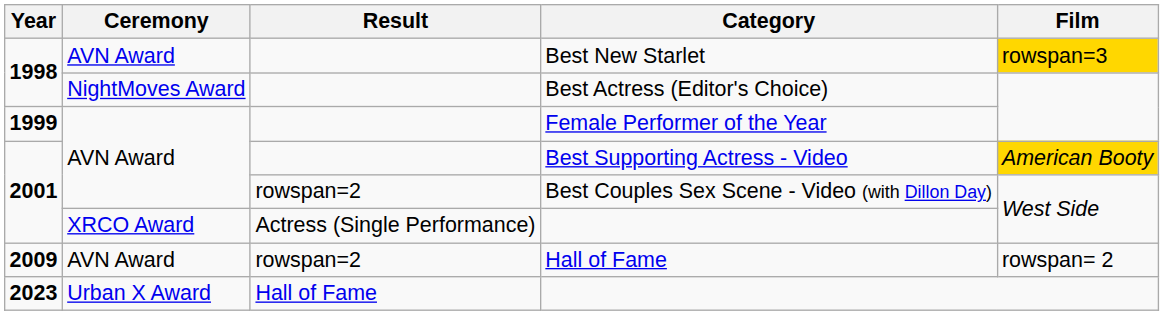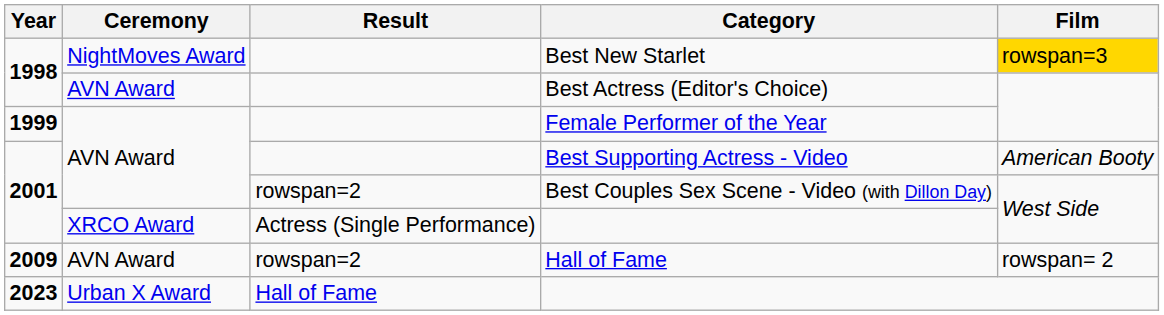 <table class="wikitable">
 <tr>
 <th>Year</th>
 <th>Ceremony</th>
 <th>Result</th>
 <th>Category</th>
 <th>Film</th>
 </tr>
 <tr>
 <td rowspan="2"><strong>1998</strong></td>
-<td><a href='#'>AVN Award</a></td>
+<td><a href='#'>NightMoves Award</a></td>
 <td></td>
 <td>Best New Starlet</td>
 <td style="background: gold;">rowspan=3 </td>
 </tr>
 <tr>
-<td><a href='#'>NightMoves Award</a></td>
+<td><a href='#'>AVN Award</a></td>
 <td></td>
 <td>Best Actress (Editor's Choice)</td>
 </tr>
 <tr>
 <td><strong>1999</strong></td>
 <td rowspan=3>AVN Award</td>
 <td></td>
 <td><a href='#'>Female Performer of the Year</a></td>
 </tr>
 <tr>
 <td rowspan="3"><strong>2001</strong></td>
 <td></td>
 <td><a href='#'>Best Supporting Actress - Video</a></td>
-<td style="background: gold;"><em>American Booty</em></td>
+<td><em>American Booty</em></td>
 </tr>
 <tr>
 <td>rowspan=2 </td>
 <td>Best Couples Sex Scene - Video <small>(with <a href='#'>Dillon Day</a>)</small></td>
 <td rowspan="2"><em>West Side</em></td>
 </tr>
 <tr>
 <td><a href='#'>XRCO Award</a></td>
 <td>Actress (Single Performance)</td>
 </tr>
 <tr>
 <td><strong>2009</strong></td>
 <td>AVN Award</td>
 <td>rowspan=2 </td>
 <td><a href='#'>Hall of Fame</a></td>
 <td>rowspan= 2 </td>
 </tr>
 <tr>
 <td><strong>2023</strong></td>
 <td><a href='#'>Urban X Award</a></td>
 <td><a href='#'>Hall of Fame</a></td>
 </tr>
 </table>
